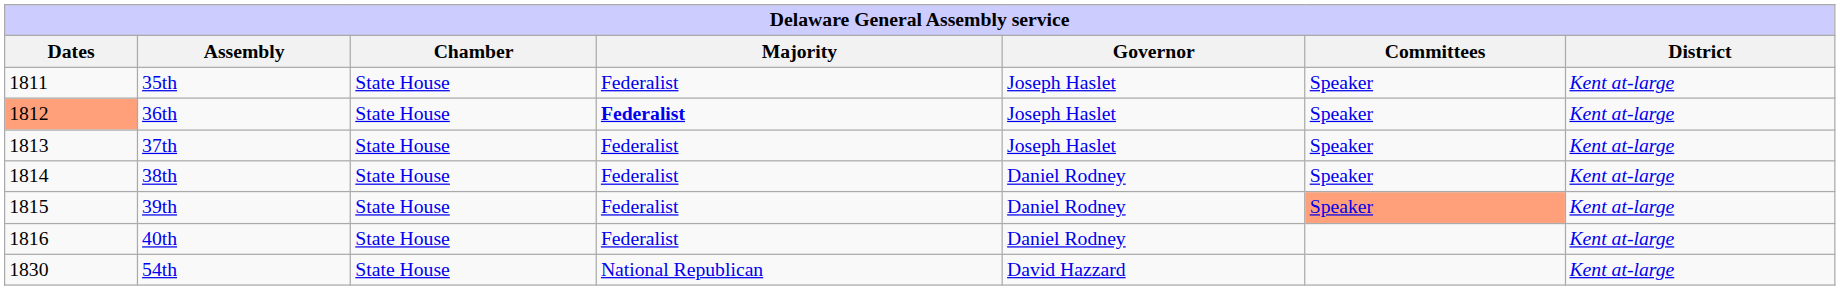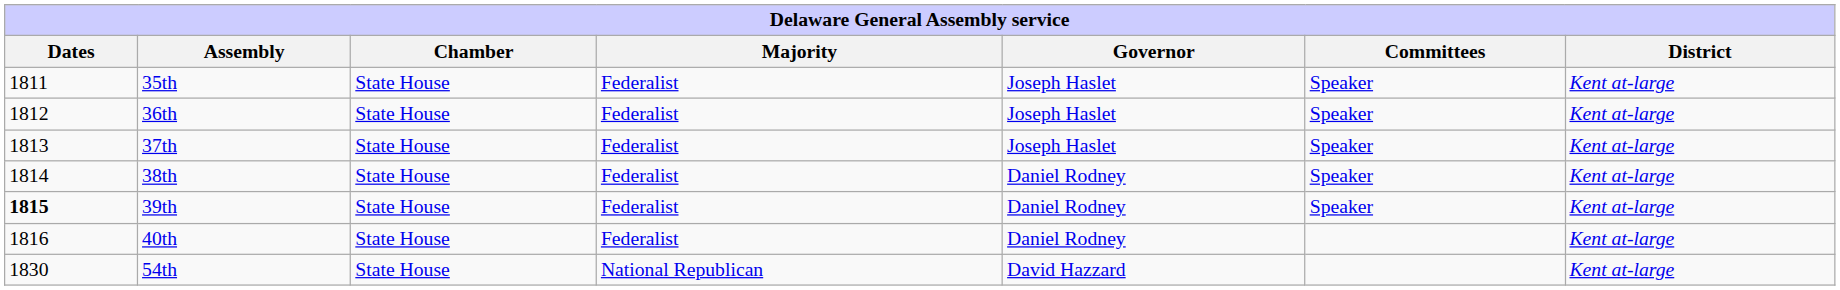 <table class=wikitable style="width: 94%" style="text-align: center;" align="center">
 <tr bgcolor=#cccccc>
 <th colspan=7 style="background: #ccccff;">Delaware General Assembly service</th>
 </tr>
 <tr>
 <th><strong>Dates</strong></th>
 <th><strong>Assembly</strong></th>
 <th><strong>Chamber</strong></th>
 <th><strong>Majority</strong></th>
 <th><strong>Governor</strong></th>
 <th><strong>Committees</strong></th>
 <th><strong>District</strong></th>
 </tr>
 <tr>
 <td>1811</td>
 <td><a href='#'>35th</a></td>
 <td><a href='#'>State House</a></td>
 <td><a href='#'>Federalist</a></td>
 <td><a href='#'>Joseph Haslet</a></td>
 <td><a href='#'>Speaker</a></td>
 <td><a href='#'><em>Kent at-large</em></a></td>
 </tr>
 <tr>
-<td style="background: lightsalmon;">1812</td>
+<td>1812</td>
 <td><a href='#'>36th</a></td>
 <td><a href='#'>State House</a></td>
-<td><strong><a href='#'>Federalist</a></strong></td>
+<td><a href='#'>Federalist</a></td>
 <td><a href='#'>Joseph Haslet</a></td>
 <td><a href='#'>Speaker</a></td>
 <td><a href='#'><em>Kent at-large</em></a></td>
 </tr>
 <tr>
 <td>1813</td>
 <td><a href='#'>37th</a></td>
 <td><a href='#'>State House</a></td>
 <td><a href='#'>Federalist</a></td>
 <td><a href='#'>Joseph Haslet</a></td>
 <td><a href='#'>Speaker</a></td>
 <td><a href='#'><em>Kent at-large</em></a></td>
 </tr>
 <tr>
 <td>1814</td>
 <td><a href='#'>38th</a></td>
 <td><a href='#'>State House</a></td>
 <td><a href='#'>Federalist</a></td>
 <td><a href='#'>Daniel Rodney</a></td>
 <td><a href='#'>Speaker</a></td>
 <td><a href='#'><em>Kent at-large</em></a></td>
 </tr>
 <tr>
-<td>1815</td>
+<td><strong>1815</strong></td>
 <td><a href='#'>39th</a></td>
 <td><a href='#'>State House</a></td>
 <td><a href='#'>Federalist</a></td>
 <td><a href='#'>Daniel Rodney</a></td>
-<td style="background: lightsalmon;"><a href='#'>Speaker</a></td>
+<td><a href='#'>Speaker</a></td>
 <td><a href='#'><em>Kent at-large</em></a></td>
 </tr>
 <tr>
 <td>1816</td>
 <td><a href='#'>40th</a></td>
 <td><a href='#'>State House</a></td>
 <td><a href='#'>Federalist</a></td>
 <td><a href='#'>Daniel Rodney</a></td>
 <td></td>
 <td><a href='#'><em>Kent at-large</em></a></td>
 </tr>
 <tr>
 <td>1830</td>
 <td><a href='#'>54th</a></td>
 <td><a href='#'>State House</a></td>
 <td><a href='#'>National Republican</a></td>
 <td><a href='#'>David Hazzard</a></td>
 <td></td>
 <td><a href='#'><em>Kent at-large</em></a></td>
 </tr>
 </table>
